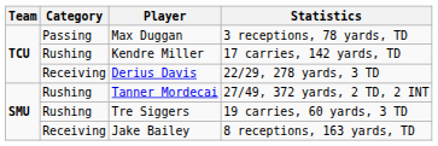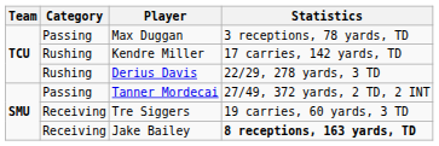 <table class="wikitable" style="float: right;">
 <tr>
 <th>Team</th>
 <th>Category</th>
 <th>Player</th>
 <th>Statistics</th>
 </tr>
 <tr>
 <td rowspan=3><strong>TCU</strong></td>
 <td>Passing</td>
 <td>Max Duggan</td>
 <td>3 receptions, 78 yards, TD</td>
 </tr>
 <tr>
 <td>Rushing</td>
 <td>Kendre Miller</td>
 <td>17 carries, 142 yards, TD</td>
 </tr>
 <tr>
-<td>Receiving</td>
+<td>Rushing</td>
 <td><a href='#'>Derius Davis</a></td>
 <td>22/29, 278 yards, 3 TD</td>
 </tr>
 <tr>
 <td rowspan=3><strong>SMU</strong></td>
-<td>Rushing</td>
+<td>Passing</td>
 <td><a href='#'>Tanner Mordecai</a></td>
 <td>27/49, 372 yards, 2 TD, 2 INT</td>
 </tr>
 <tr>
-<td>Rushing</td>
+<td>Receiving</td>
 <td>Tre Siggers</td>
 <td>19 carries, 60 yards, 3 TD</td>
 </tr>
 <tr>
 <td>Receiving</td>
 <td>Jake Bailey</td>
-<td>8 receptions, 163 yards, TD</td>
+<td><strong>8 receptions, 163 yards, TD</strong></td>
 </tr>
 </table>
